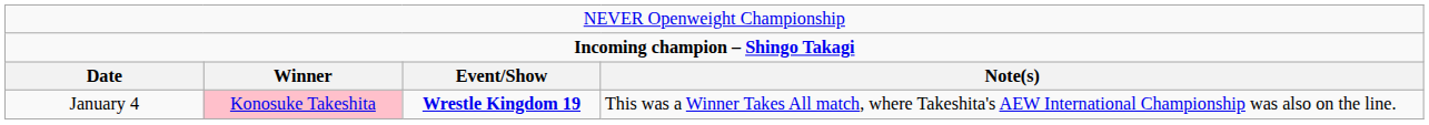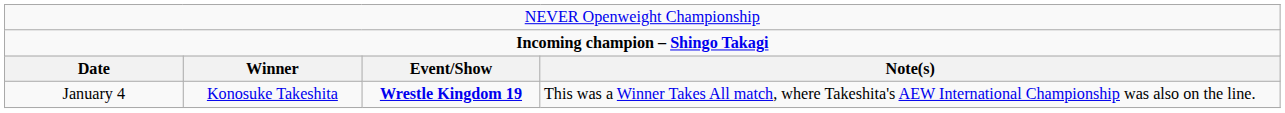 <table class="wikitable" style="text-align:center; width:100%;">
 <tr>
 <td colspan="4" style="text-align: center;"><a href='#'>NEVER Openweight Championship</a></td>
 </tr>
 <tr>
 <td colspan="4" style="text-align: center;"><strong>Incoming champion – <a href='#'>Shingo Takagi</a></strong></td>
 </tr>
 <tr>
 <th width=14%>Date</th>
 <th width=14%>Winner</th>
 <th width=14%>Event/Show</th>
 <th width=58%>Note(s)</th>
 </tr>
 <tr>
 <td>January 4</td>
-<td style="background: pink;"><a href='#'>Konosuke Takeshita</a></td>
+<td><a href='#'>Konosuke Takeshita</a></td>
 <td><strong><a href='#'>Wrestle Kingdom 19</a></strong></td>
 <td align=left>This was a <a href='#'>Winner Takes All match</a>, where Takeshita's <a href='#'>AEW International Championship</a> was also on the line.</td>
 </tr>
 </table>
